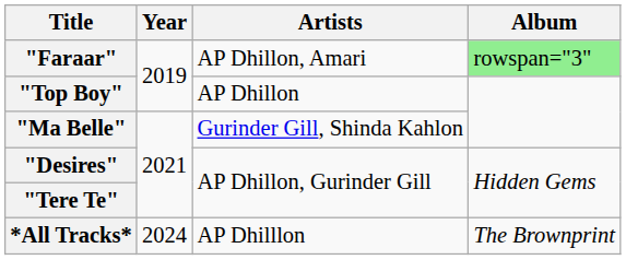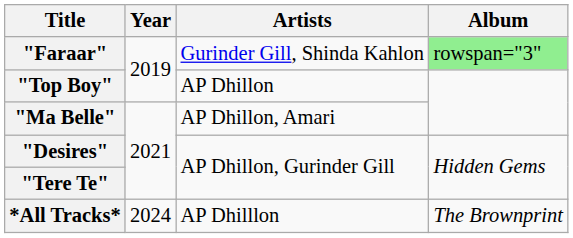 <table class="wikitable plainrowheaders">
 <tr>
 <th scope="col">Title</th>
 <th scope="col">Year</th>
 <th scope="col">Artists</th>
 <th scope="col">Album</th>
 </tr>
 <tr>
 <th scope="row">"Faraar" </th>
 <td rowspan="2">2019</td>
-<td>AP Dhillon, Amari</td>
+<td><a href='#'>Gurinder Gill</a>, Shinda Kahlon</td>
 <td style="background: lightgreen;">rowspan="3" </td>
 </tr>
 <tr>
 <th scope="row">"Top Boy"</th>
 <td>AP Dhillon</td>
 </tr>
 <tr>
 <th scope="row">"Ma Belle"</th>
 <td rowspan="3">2021</td>
-<td><a href='#'>Gurinder Gill</a>, Shinda Kahlon</td>
+<td>AP Dhillon, Amari</td>
 </tr>
 <tr>
 <th scope="row">"Desires"</th>
 <td rowspan="2">AP Dhillon, Gurinder Gill</td>
 <td rowspan="2"><em>Hidden Gems</em></td>
 </tr>
 <tr>
 <th scope="row">"Tere Te"</th>
 </tr>
 <tr>
 <th scope="row">*All Tracks*</th>
 <td>2024</td>
 <td>AP Dhilllon</td>
 <td><em>The Brownprint</em></td>
 </tr>
 </table>
